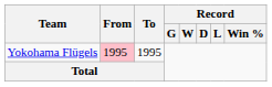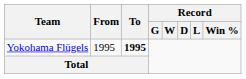 <table class="wikitable" style="text-align: center">
 <tr>
 <th rowspan="2">Team</th>
 <th rowspan="2">From</th>
 <th rowspan="2">To</th>
 <th colspan="5">Record</th>
 </tr>
 <tr>
 <th>G</th>
 <th>W</th>
 <th>D</th>
 <th>L</th>
 <th>Win %</th>
 </tr>
 <tr>
 <td align="left"><a href='#'>Yokohama Flügels</a></td>
-<td align="left" style="background: pink;">1995</td>
-<td align="left">1995<br></td>
+<td align="left">1995</td>
+<td align="left"><strong>1995<br></strong></td>
 </tr>
 <tr>
 <th colspan="3">Total<br></th>
 </tr>
 </table>
